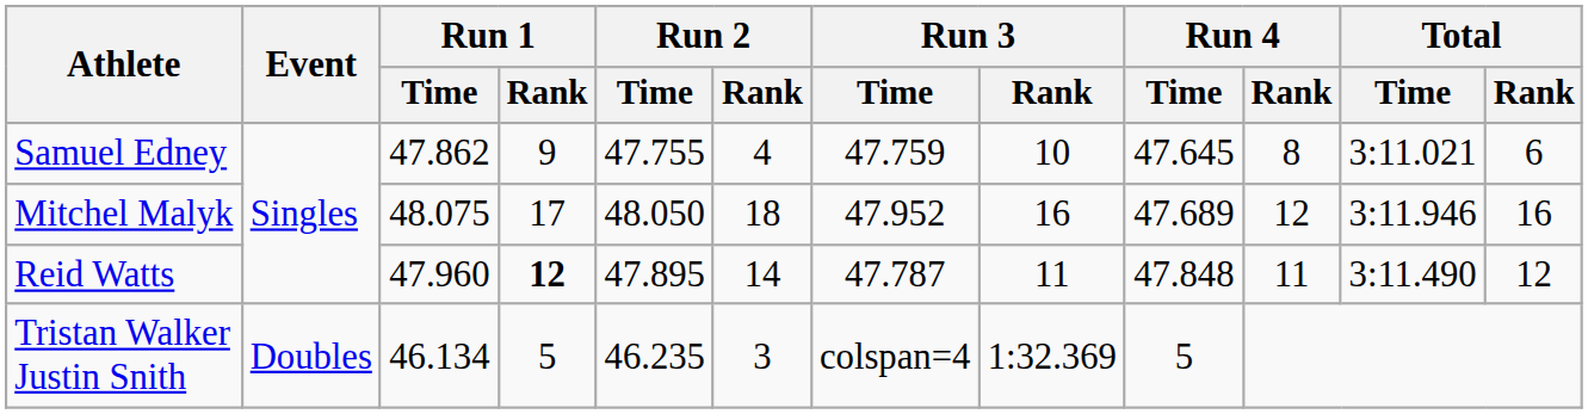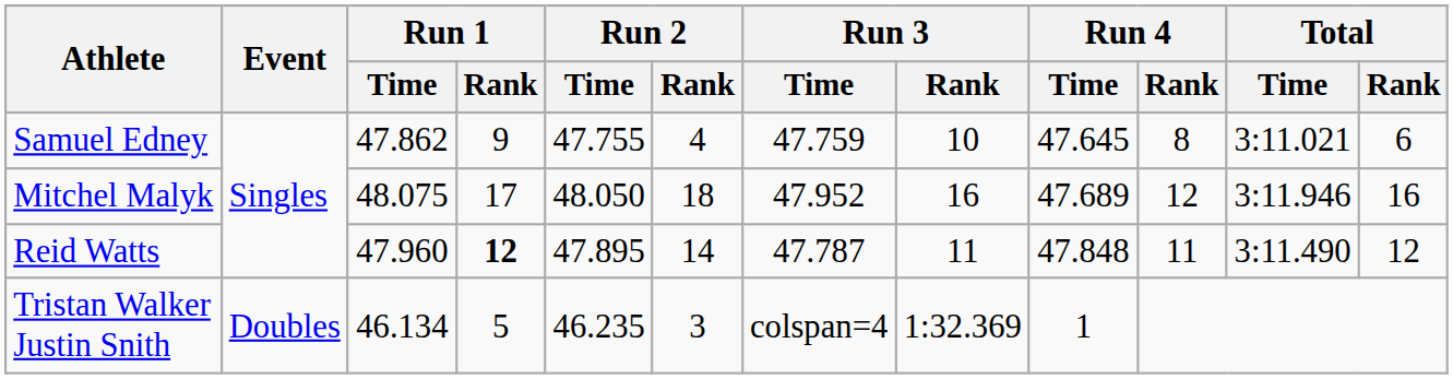 <table class="wikitable" style="font-size:90%">
 <tr>
 <th rowspan="2">Athlete</th>
 <th rowspan="2">Event</th>
 <th colspan=2>Run 1</th>
 <th colspan=2>Run 2</th>
 <th colspan=2>Run 3</th>
 <th colspan=2>Run 4</th>
 <th colspan=2>Total</th>
 </tr>
 <tr style="font-size:95%">
 <th>Time</th>
 <th>Rank</th>
 <th>Time</th>
 <th>Rank</th>
 <th>Time</th>
 <th>Rank</th>
 <th>Time</th>
 <th>Rank</th>
 <th>Time</th>
 <th>Rank</th>
 </tr>
 <tr align=center>
 <td align=left><a href='#'>Samuel Edney</a></td>
 <td align=left rowspan="3"><a href='#'>Singles</a></td>
 <td>47.862</td>
 <td>9</td>
 <td>47.755</td>
 <td>4</td>
 <td>47.759</td>
 <td>10</td>
 <td>47.645</td>
 <td>8</td>
 <td>3:11.021</td>
 <td>6</td>
 </tr>
 <tr align=center>
 <td align=left><a href='#'>Mitchel Malyk</a></td>
 <td>48.075</td>
 <td>17</td>
 <td>48.050</td>
 <td>18</td>
 <td>47.952</td>
 <td>16</td>
 <td>47.689</td>
 <td>12</td>
 <td>3:11.946</td>
 <td>16</td>
 </tr>
 <tr align=center>
 <td align=left><a href='#'>Reid Watts</a></td>
 <td>47.960</td>
 <td><strong>12</strong></td>
 <td>47.895</td>
 <td>14</td>
 <td>47.787</td>
 <td>11</td>
 <td>47.848</td>
 <td>11</td>
 <td>3:11.490</td>
 <td>12</td>
 </tr>
 <tr align=center>
 <td align=left><a href='#'>Tristan Walker</a><br><a href='#'>Justin Snith</a></td>
 <td align=left><a href='#'>Doubles</a></td>
 <td>46.134</td>
 <td>5</td>
 <td>46.235</td>
 <td>3</td>
 <td>colspan=4 </td>
 <td>1:32.369</td>
-<td>5</td>
+<td>1</td>
 </tr>
 </table>
